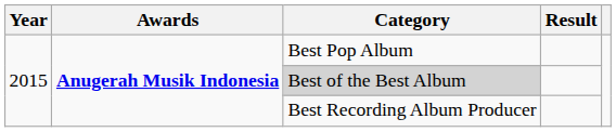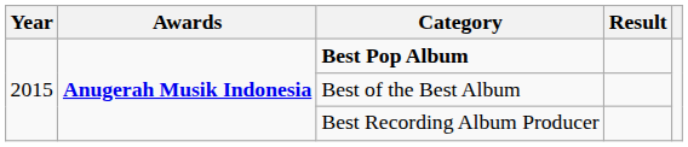 <table class="wikitable">
 <tr>
 <th>Year</th>
 <th>Awards</th>
 <th>Category</th>
 <th>Result</th>
 <th></th>
 </tr>
 <tr>
 <td rowspan= "3">2015</td>
 <td rowspan= "3"><strong><a href='#'>Anugerah Musik Indonesia</a></strong></td>
-<td>Best Pop Album</td>
+<td><strong>Best Pop Album</strong></td>
 <td></td>
 <td rowspan= "3"></td>
 </tr>
 <tr>
-<td style="background: lightgrey;">Best of the Best Album</td>
+<td>Best of the Best Album</td>
 <td></td>
 </tr>
 <tr>
 <td>Best Recording Album Producer</td>
 <td></td>
 </tr>
 </table>
